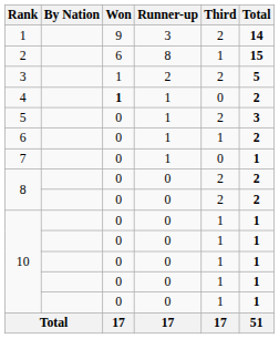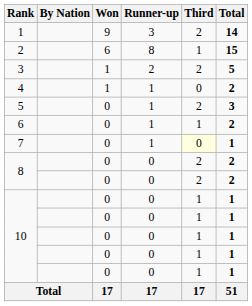 <table class="wikitable sortable" style="text-align: center;">
 <tr>
 <th>Rank</th>
 <th>By Nation</th>
 <th>Won</th>
 <th>Runner-up</th>
 <th>Third</th>
 <th>Total</th>
 </tr>
 <tr>
 <td>1</td>
 <td align=left></td>
 <td>9</td>
 <td>3</td>
 <td>2</td>
 <td><strong>14</strong></td>
 </tr>
 <tr>
 <td>2</td>
 <td align=left></td>
 <td>6</td>
 <td>8</td>
 <td>1</td>
 <td><strong>15</strong></td>
 </tr>
 <tr>
 <td>3</td>
 <td align=left></td>
 <td>1</td>
 <td>2</td>
 <td>2</td>
 <td><strong>5</strong></td>
 </tr>
 <tr>
 <td>4</td>
 <td align=left></td>
-<td><strong>1</strong></td>
+<td>1</td>
 <td>1</td>
 <td>0</td>
 <td><strong>2</strong></td>
 </tr>
 <tr>
 <td>5</td>
 <td align=left></td>
 <td>0</td>
 <td>1</td>
 <td>2</td>
 <td><strong>3</strong></td>
 </tr>
 <tr>
 <td>6</td>
 <td align=left></td>
 <td>0</td>
 <td>1</td>
 <td>1</td>
 <td><strong>2</strong></td>
 </tr>
 <tr>
 <td>7</td>
 <td align=left></td>
 <td>0</td>
 <td>1</td>
-<td>0</td>
+<td style="background: lightyellow;">0</td>
 <td><strong>1</strong></td>
 </tr>
 <tr>
 <td rowspan="2">8</td>
 <td align=left></td>
 <td>0</td>
 <td>0</td>
 <td>2</td>
 <td><strong>2</strong></td>
 </tr>
 <tr>
 <td align=left></td>
 <td>0</td>
 <td>0</td>
 <td>2</td>
 <td><strong>2</strong></td>
 </tr>
 <tr>
 <td rowspan="5">10</td>
 <td align=left></td>
 <td>0</td>
 <td>0</td>
 <td>1</td>
 <td><strong>1</strong></td>
 </tr>
 <tr>
 <td align=left></td>
 <td>0</td>
 <td>0</td>
 <td>1</td>
 <td><strong>1</strong></td>
 </tr>
 <tr>
 <td align=left></td>
 <td>0</td>
 <td>0</td>
 <td>1</td>
 <td><strong>1</strong></td>
 </tr>
 <tr>
 <td align=left></td>
 <td>0</td>
 <td>0</td>
 <td>1</td>
 <td><strong>1</strong></td>
 </tr>
 <tr>
 <td align=left></td>
 <td>0</td>
 <td>0</td>
 <td>1</td>
 <td><strong>1</strong></td>
 </tr>
 <tr>
 <th colspan="2">Total</th>
 <th>17</th>
 <th>17</th>
 <th>17</th>
 <th>51</th>
 </tr>
 </table>
